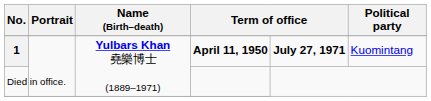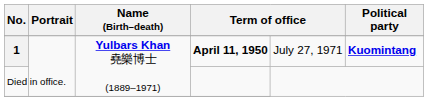 <table class="wikitable">
 <tr>
 <th>No.</th>
 <th>Portrait</th>
 <th width=150px>Name<br><small>(Birth–death)</small></th>
 <th colspan=2 width=200px>Term of office</th>
 <th width=100px>Political party</th>
 </tr>
 <tr>
 </tr>
 <tr>
 <th style="background-color:">1</th>
 <td rowspan=2 align=center></td>
 <td rowspan=2 align=center><strong><a href='#'>Yulbars Khan</a></strong><br><span>堯樂博士</span><br><small><br>(1889–1971)</small></td>
 <td><strong>April 11, 1950</strong></td>
-<td><strong>July 27, 1971</strong></td>
-<td><a href='#'>Kuomintang</a></td>
+<td>July 27, 1971</td>
+<td><strong><a href='#'>Kuomintang</a></strong></td>
 </tr>
 <tr>
 <td colspan=4><small>Died in office.</small></td>
 </tr>
 <tr>
 </tr>
 </table>
